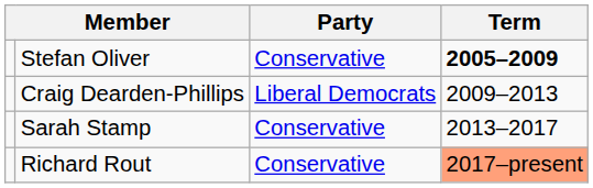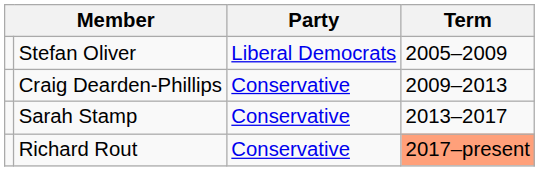 <table class="wikitable">
 <tr>
 <th colspan="2">Member</th>
 <th>Party</th>
 <th>Term</th>
 </tr>
 <tr>
 <td style="background-color: "></td>
 <td>Stefan Oliver</td>
-<td><a href='#'>Conservative</a></td>
-<td><strong>2005–2009</strong></td>
+<td><a href='#'>Liberal Democrats</a></td>
+<td>2005–2009</td>
 </tr>
 <tr>
 <td style="background-color: "></td>
 <td>Craig Dearden-Phillips</td>
-<td><a href='#'>Liberal Democrats</a></td>
+<td><a href='#'>Conservative</a></td>
 <td>2009–2013</td>
 </tr>
 <tr>
 <td style="background-color: "></td>
 <td>Sarah Stamp</td>
 <td><a href='#'>Conservative</a></td>
 <td>2013–2017</td>
 </tr>
 <tr>
 <td style="background-color: "></td>
 <td>Richard Rout</td>
 <td><a href='#'>Conservative</a></td>
 <td style="background: lightsalmon;">2017–present</td>
 </tr>
 </table>
